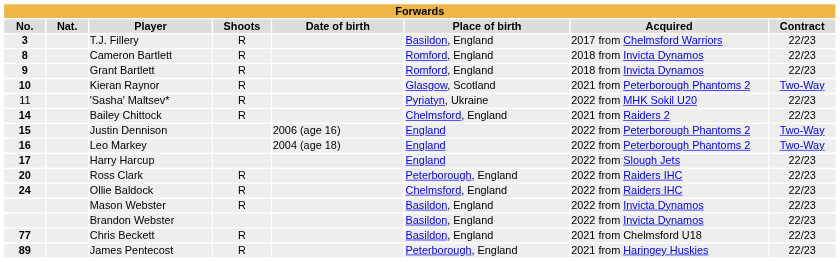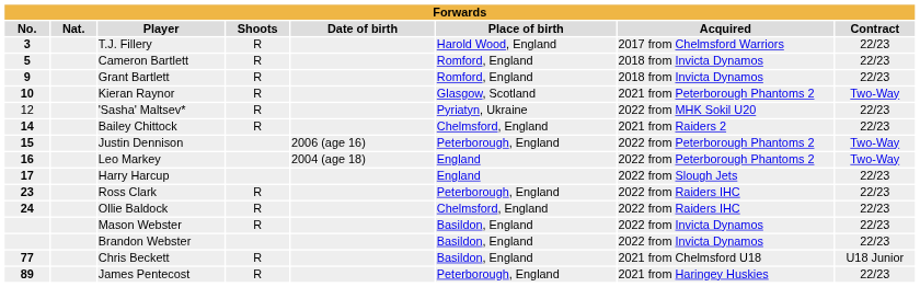 <table class="toccolours"  style="width:97%; clear:both; margin:1.5em auto; text-align:center;">
 <tr style="background:#ddd;">
 <th colspan="11" style="background:#efb645; color:black;”">Forwards</th>
 </tr>
 <tr style="background:#ddd;">
 <th width=5%>No.</th>
 <th width=5%>Nat.</th>
 <th !width=22%>Player</th>
 <th width=7%>Shoots</th>
 <th width=16%>Date of birth</th>
 <th width=20%>Place of birth</th>
 <th width=24%>Acquired</th>
 <td><strong>Contract</strong></td>
 </tr>
 <tr style="background:#eee;">
 <td><strong>3</strong></td>
 <td></td>
 <td align=left>T.J. Fillery</td>
 <td>R</td>
 <td align=left></td>
-<td align="left"><a href='#'>Basildon</a>, England</td>
+<td align=left><a href='#'>Harold Wood</a>, England</td>
 <td align=left>2017 from <a href='#'>Chelmsford Warriors</a></td>
 <td>22/23</td>
 </tr>
 <tr style="background:#eee;">
-<td><strong>8</strong></td>
+<td><strong>5</strong></td>
 <td></td>
 <td align=left>Cameron Bartlett</td>
 <td>R</td>
 <td align=left></td>
 <td align=left><a href='#'>Romford</a>, England</td>
 <td align=left>2018 from <a href='#'>Invicta Dynamos</a></td>
 <td>22/23</td>
 </tr>
 <tr style="background:#eee;">
 <td><strong>9</strong></td>
 <td></td>
 <td align=left>Grant Bartlett</td>
 <td>R</td>
 <td align=left></td>
 <td align=left><a href='#'>Romford</a>, England</td>
 <td align=left>2018 from <a href='#'>Invicta Dynamos</a></td>
 <td>22/23</td>
 </tr>
 <tr style="background:#eee;">
 <td><strong>10</strong></td>
 <td></td>
 <td align=left>Kieran Raynor</td>
 <td>R</td>
 <td align=left></td>
 <td align=left><a href='#'>Glasgow</a>, Scotland</td>
 <td align=left>2021 from <a href='#'>Peterborough Phantoms 2</a></td>
 <td><a href='#'>Two-Way</a></td>
 </tr>
 <tr style="background:#eee;">
-<td>11</td>
+<td>12</td>
 <td></td>
 <td align=left>'Sasha' Maltsev*</td>
 <td>R</td>
 <td align=left></td>
 <td align=left><a href='#'>Pyriatyn</a>, Ukraine</td>
 <td align=left>2022 from <a href='#'>MHK Sokil U20</a></td>
 <td>22/23</td>
 </tr>
 <tr style="background:#eee;">
 <td><strong>14</strong></td>
 <td></td>
 <td align=left>Bailey Chittock</td>
 <td>R</td>
 <td align=left></td>
 <td align=left><a href='#'>Chelmsford</a>, England</td>
 <td align=left>2021 from <a href='#'>Raiders 2</a></td>
 <td>22/23</td>
 </tr>
 <tr style="background:#eee;">
 <td><strong>15</strong></td>
 <td></td>
 <td align="left">Justin Dennison</td>
 <td></td>
 <td align="left">2006 (age 16)</td>
-<td align="left"><a href='#'>England</a></td>
+<td align=left><a href='#'>Peterborough</a>, England</td>
 <td align="left">2022 from <a href='#'>Peterborough Phantoms 2</a></td>
 <td><a href='#'>Two-Way</a></td>
 </tr>
 <tr style="background:#eee;">
 <td><strong>16</strong></td>
 <td></td>
 <td align="left">Leo Markey</td>
 <td></td>
 <td align="left">2004 (age 18)</td>
 <td align="left"><a href='#'>England</a></td>
 <td align="left">2022 from <a href='#'>Peterborough Phantoms 2</a></td>
 <td><a href='#'>Two-Way</a></td>
 </tr>
 <tr style="background:#eee;">
 <td><strong>17</strong></td>
 <td></td>
 <td align="left">Harry Harcup</td>
 <td></td>
 <td align="left"></td>
 <td align="left"><a href='#'>England</a></td>
 <td align="left">2022 from <a href='#'>Slough Jets</a></td>
 <td>22/23</td>
 </tr>
 <tr style="background:#eee;">
-<td><strong>20</strong></td>
+<td><strong>23</strong></td>
 <td></td>
 <td align="left">Ross Clark</td>
 <td>R</td>
 <td align="left"></td>
 <td align="left"><a href='#'>Peterborough</a>, England</td>
 <td align="left">2022 from <a href='#'>Raiders IHC</a></td>
 <td>22/23</td>
 </tr>
 <tr style="background:#eee;">
 <td><strong>24</strong></td>
 <td></td>
 <td align="left">Ollie Baldock</td>
 <td>R</td>
 <td align="left"></td>
 <td align="left"><a href='#'>Chelmsford</a>, England</td>
 <td align="left">2022 from <a href='#'>Raiders IHC</a></td>
 <td>22/23</td>
 </tr>
 <tr style="background:#eee;">
 <td></td>
 <td></td>
 <td align="left">Mason Webster</td>
 <td>R</td>
 <td align="left"></td>
 <td align="left"><a href='#'>Basildon</a>, England</td>
 <td align="left">2022 from <a href='#'>Invicta Dynamos</a></td>
 <td>22/23</td>
 </tr>
 <tr style="background:#eee;”5">
 <td></td>
 <td></td>
 <td align="left">Brandon Webster</td>
 <td></td>
 <td align="left"></td>
 <td align="left"><a href='#'>Basildon</a>, England</td>
 <td align="left">2022 from <a href='#'>Invicta Dynamos</a></td>
 <td>22/23</td>
 </tr>
 <tr style="background:#eee;">
 <td><strong>77</strong></td>
 <td></td>
 <td align="left">Chris Beckett</td>
 <td>R</td>
 <td align="left"></td>
 <td align="left"><a href='#'>Basildon</a>, England</td>
 <td align="left">2021 from Chelmsford U18</td>
-<td>22/23</td>
+<td>U18 Junior</td>
 </tr>
 <tr style="background:#eee;">
 <td><strong>89</strong></td>
 <td></td>
 <td align=left>James Pentecost</td>
 <td>R</td>
 <td align=left></td>
 <td align=left><a href='#'>Peterborough</a>, England</td>
 <td align=left>2021 from <a href='#'>Haringey Huskies</a></td>
 <td>22/23</td>
 </tr>
 </table>
